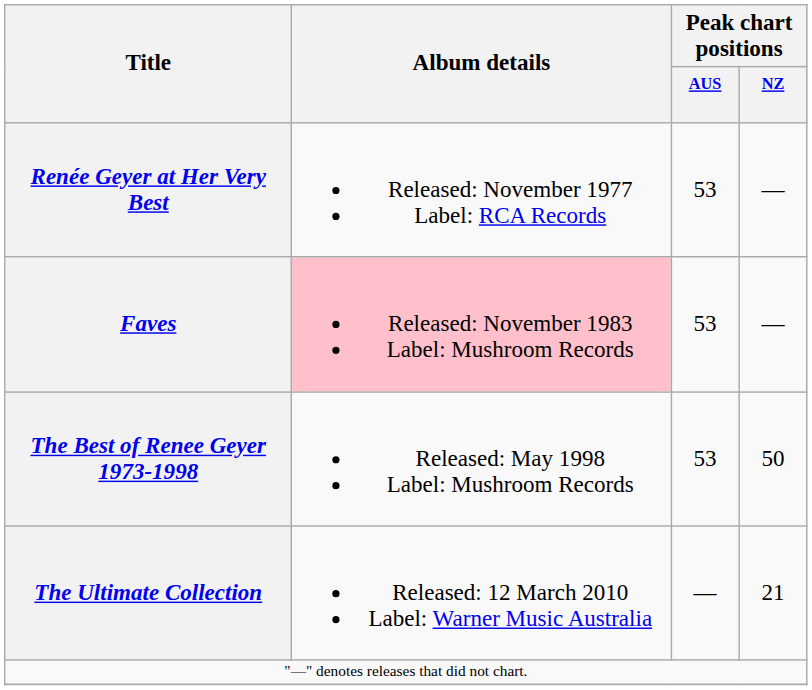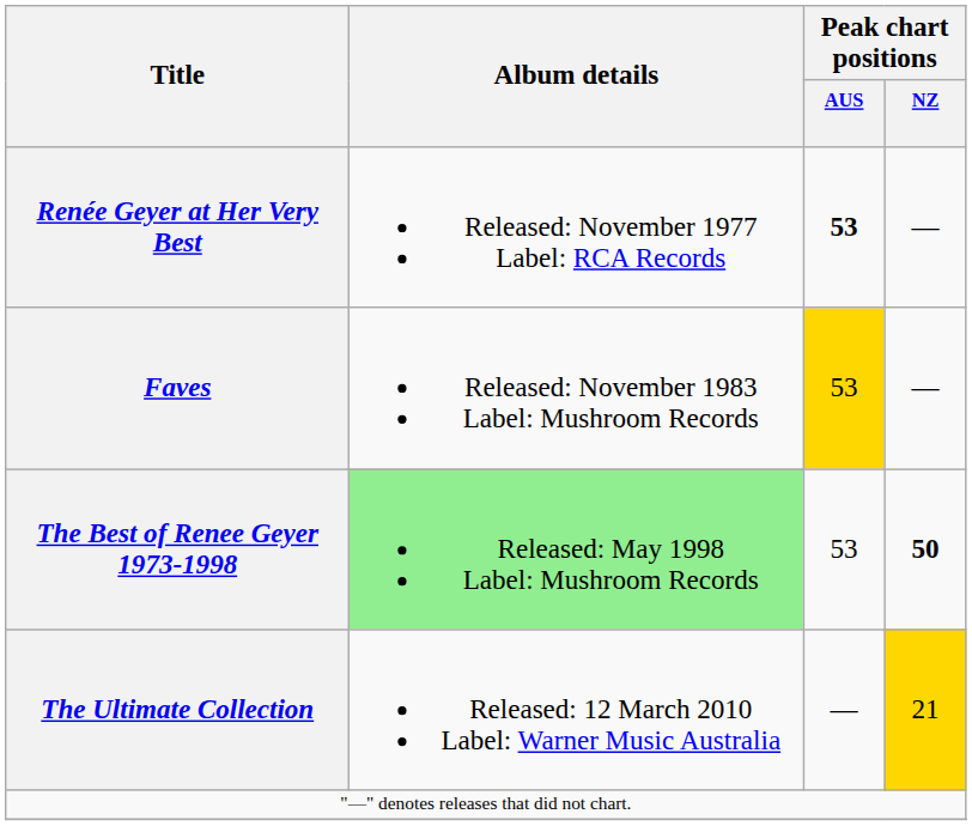 <table class="wikitable plainrowheaders" style="text-align:center;" border="1">
 <tr>
 <th scope="col" rowspan="2" style="width:12em;">Title</th>
 <th scope="col" rowspan="2" style="width:16em;">Album details</th>
 <th colspan="2">Peak chart positions</th>
 </tr>
 <tr>
 <th scope="col" style="width:3em; font-size:85%"><small><a href='#'>AUS</a><br><br></small></th>
 <th scope="col" style="width:3em; font-size:85%"><small><a href='#'>NZ</a><br><br></small></th>
 </tr>
 <tr>
 <th scope="row"><em><a href='#'>Renée Geyer at Her Very Best</a></em></th>
 <td><br><ul><li>Released: November 1977</li><li>Label: <a href='#'>RCA Records</a></li></ul></td>
-<td align="center">53</td>
+<td align="center"><strong>53</strong></td>
 <td align="center">—</td>
 </tr>
 <tr>
 <th scope="row"><em><a href='#'>Faves</a></em></th>
-<td style="background: pink;"><br><ul><li>Released: November 1983</li><li>Label: Mushroom Records</li></ul></td>
-<td align="center">53</td>
+<td><br><ul><li>Released: November 1983</li><li>Label: Mushroom Records</li></ul></td>
+<td align="center" style="background: gold;">53</td>
 <td align="center">—</td>
 </tr>
 <tr>
 <th scope="row"><em><a href='#'>The Best of Renee Geyer 1973-1998</a></em></th>
-<td><br><ul><li>Released: May 1998</li><li>Label: Mushroom Records</li></ul></td>
+<td style="background: lightgreen;"><br><ul><li>Released: May 1998</li><li>Label: Mushroom Records</li></ul></td>
 <td align="center">53</td>
-<td align="center">50</td>
+<td align="center"><strong>50</strong></td>
 </tr>
 <tr>
 <th scope="row"><em><a href='#'>The Ultimate Collection</a></em></th>
 <td><br><ul><li>Released: 12 March 2010</li><li>Label: <a href='#'>Warner Music Australia</a></li></ul></td>
 <td align="center">—</td>
-<td align="center">21</td>
+<td align="center" style="background: gold;">21</td>
 </tr>
 <tr>
 <td align="center" colspan="7" style="font-size: 8pt">"—" denotes releases that did not chart.</td>
 </tr>
 <tr>
 </tr>
 </table>
